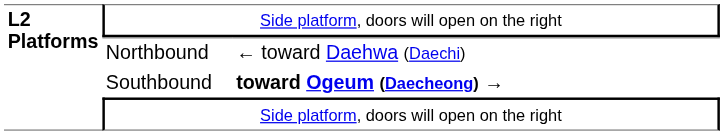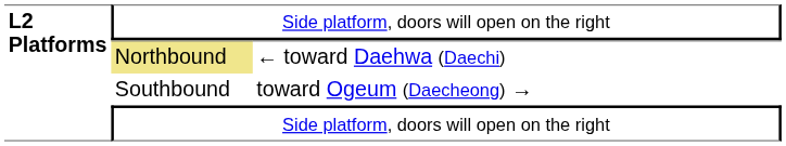 <table table border=0 cellspacing=0 cellpadding=3>
 <tr>
 <td style="border-top:solid 1px gray;border-bottom:solid 1px gray;" width=50 rowspan=10 valign=top><strong>L2<br>Platforms</strong></td>
 <td style="border-top:solid 1px gray;border-right:solid 2px black;border-left:solid 2px black;border-bottom:solid 2px black;text-align:center;" colspan=2><small><a href='#'>Side platform</a>, doors will open on the right</small></td>
 </tr>
 <tr>
-<td style="border-bottom:solid 0px gray;border-top:solid 1px gray;" width=100>Northbound</td>
+<td style="background: khaki; border-bottom:solid 0px gray;border-top:solid 1px gray;" width=100>Northbound</td>
 <td style="border-bottom:solid 0px gray;border-top:solid 1px gray;" width=390>←  toward <a href='#'>Daehwa</a> <small>(<a href='#'>Daechi</a>)</small></td>
 </tr>
 <tr>
 <td>Southbound</td>
-<td><strong>  toward <a href='#'>Ogeum</a> <small>(<a href='#'>Daecheong</a>)</small> →</strong></td>
+<td>  toward <a href='#'>Ogeum</a> <small>(<a href='#'>Daecheong</a>)</small> →</td>
 </tr>
 <tr>
 <td style="border-top:solid 2px black;border-right:solid 2px black;border-left:solid 2px black;border-bottom:solid 1px gray;text-align:center;" colspan=2><small><a href='#'>Side platform</a>, doors will open on the right</small></td>
 </tr>
 </table>
